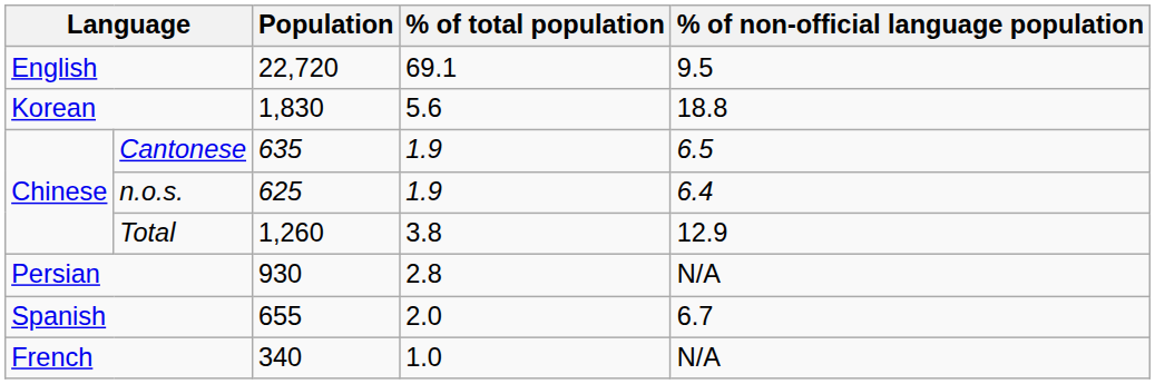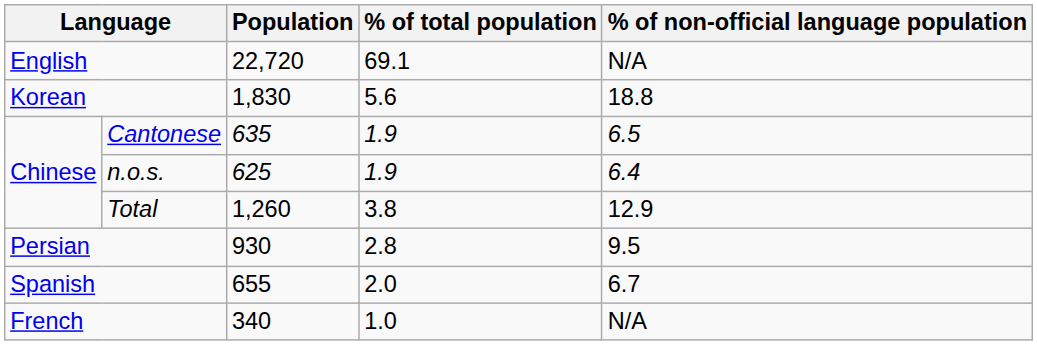 <table class="wikitable mw-collapsible">
 <tr>
 <th colspan="2">Language</th>
 <th>Population</th>
 <th>% of total population</th>
 <th>% of non-official language population</th>
 </tr>
 <tr>
 <td colspan="2"><a href='#'>English</a></td>
 <td>22,720</td>
 <td>69.1</td>
-<td>9.5</td>
+<td>N/A</td>
 </tr>
 <tr>
 <td colspan="2"><a href='#'>Korean</a></td>
 <td>1,830</td>
 <td>5.6</td>
 <td>18.8</td>
 </tr>
 <tr>
 <td rowspan="3"><a href='#'>Chinese</a></td>
 <td><em><a href='#'>Cantonese</a></em></td>
 <td><em>635</em></td>
 <td><em>1.9</em></td>
 <td><em>6.5</em></td>
 </tr>
 <tr>
 <td><em>n.o.s.</em></td>
 <td><em>625</em></td>
 <td><em>1.9</em></td>
 <td><em>6.4</em></td>
 </tr>
 <tr>
 <td><em>Total</em></td>
 <td>1,260</td>
 <td>3.8</td>
 <td>12.9</td>
 </tr>
 <tr>
 <td colspan="2"><a href='#'>Persian</a></td>
 <td>930</td>
 <td>2.8</td>
-<td>N/A</td>
+<td>9.5</td>
 </tr>
 <tr>
 <td colspan="2"><a href='#'>Spanish</a></td>
 <td>655</td>
 <td>2.0</td>
 <td>6.7</td>
 </tr>
 <tr>
 <td colspan="2"><a href='#'>French</a></td>
 <td>340</td>
 <td>1.0</td>
 <td>N/A</td>
 </tr>
 </table>
